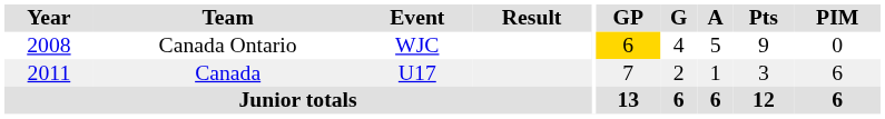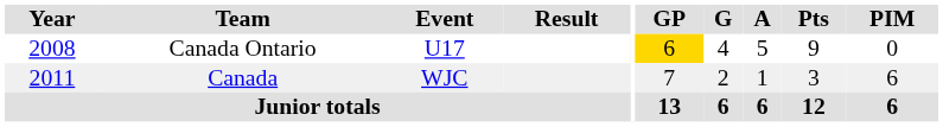 <table border="0" cellpadding="1" cellspacing="0" ID="Table3" style="text-align:center; width:40em;">
 <tr bgcolor="#e0e0e0">
 <th>Year</th>
 <th>Team</th>
 <th>Event</th>
 <th>Result</th>
 <th rowspan="99" bgcolor="#ffffff"></th>
 <th>GP</th>
 <th>G</th>
 <th>A</th>
 <th>Pts</th>
 <th>PIM</th>
 </tr>
 <tr>
 <td><a href='#'>2008</a></td>
 <td>Canada Ontario</td>
-<td><a href='#'>WJC</a></td>
+<td><a href='#'>U17</a></td>
 <td></td>
 <td style="background: gold;">6</td>
 <td>4</td>
 <td>5</td>
 <td>9</td>
 <td>0</td>
 </tr>
 <tr bgcolor="#f0f0f0">
 <td><a href='#'>2011</a></td>
 <td><a href='#'>Canada</a></td>
-<td><a href='#'>U17</a></td>
+<td><a href='#'>WJC</a></td>
 <td></td>
 <td>7</td>
 <td>2</td>
 <td>1</td>
 <td>3</td>
 <td>6</td>
 </tr>
 <tr bgcolor="#e0e0e0">
 <th colspan="4">Junior totals</th>
 <th>13</th>
 <th>6</th>
 <th>6</th>
 <th>12</th>
 <th>6</th>
 </tr>
 </table>
